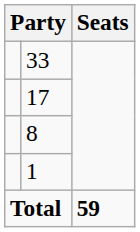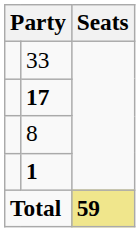 <table class="wikitable">
 <tr>
 <th colspan=2>Party</th>
 <th>Seats</th>
 </tr>
 <tr>
 <td></td>
 <td>33</td>
 </tr>
 <tr>
 <td></td>
-<td>17</td>
+<td><strong>17</strong></td>
 </tr>
 <tr>
 <td></td>
 <td>8</td>
 </tr>
 <tr>
 <td></td>
-<td>1</td>
+<td><strong>1</strong></td>
 </tr>
 <tr>
 <td colspan="2"><strong>Total</strong></td>
-<td><strong>59</strong></td>
+<td style="background: khaki;"><strong>59</strong></td>
 </tr>
 </table>
